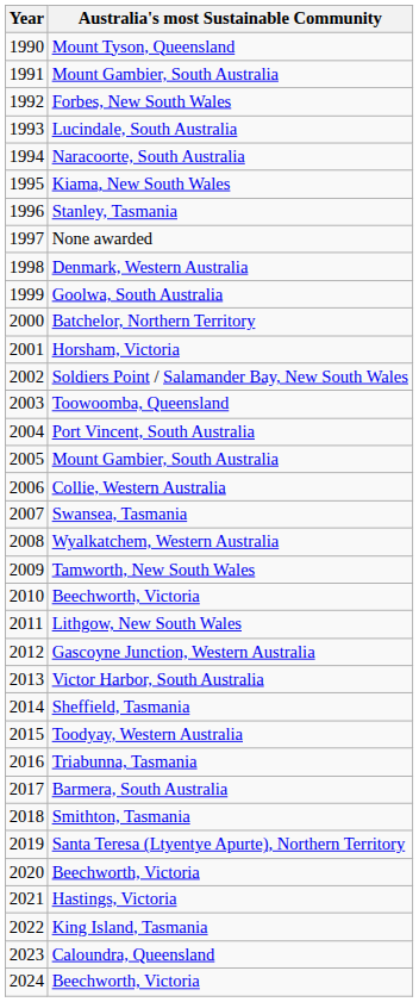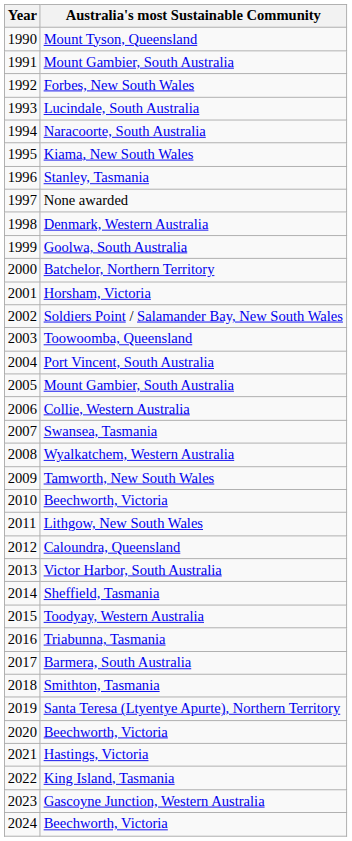 <table class="wikitable sortable">
 <tr>
 <th>Year</th>
 <th>Australia's most Sustainable Community</th>
 </tr>
 <tr>
 <td>1990</td>
 <td><a href='#'>Mount Tyson, Queensland</a></td>
 </tr>
 <tr>
 <td>1991</td>
 <td><a href='#'>Mount Gambier, South Australia</a></td>
 </tr>
 <tr>
 <td>1992</td>
 <td><a href='#'>Forbes, New South Wales</a></td>
 </tr>
 <tr>
 <td>1993</td>
 <td><a href='#'>Lucindale, South Australia</a></td>
 </tr>
 <tr>
 <td>1994</td>
 <td><a href='#'>Naracoorte, South Australia</a></td>
 </tr>
 <tr>
 <td>1995</td>
 <td><a href='#'>Kiama, New South Wales</a></td>
 </tr>
 <tr>
 <td>1996</td>
 <td><a href='#'>Stanley, Tasmania</a></td>
 </tr>
 <tr>
 <td>1997</td>
 <td>None awarded</td>
 </tr>
 <tr>
 <td>1998</td>
 <td><a href='#'>Denmark, Western Australia</a></td>
 </tr>
 <tr>
 <td>1999</td>
 <td><a href='#'>Goolwa, South Australia</a></td>
 </tr>
 <tr>
 <td>2000</td>
 <td><a href='#'>Batchelor, Northern Territory</a></td>
 </tr>
 <tr>
 <td>2001</td>
 <td><a href='#'>Horsham, Victoria</a></td>
 </tr>
 <tr>
 <td>2002</td>
 <td><a href='#'>Soldiers Point</a> / <a href='#'>Salamander Bay, New South Wales</a></td>
 </tr>
 <tr>
 <td>2003</td>
 <td><a href='#'>Toowoomba, Queensland</a></td>
 </tr>
 <tr>
 <td>2004</td>
 <td><a href='#'>Port Vincent, South Australia</a></td>
 </tr>
 <tr>
 <td>2005</td>
 <td><a href='#'>Mount Gambier, South Australia</a></td>
 </tr>
 <tr>
 <td>2006</td>
 <td><a href='#'>Collie, Western Australia</a></td>
 </tr>
 <tr>
 <td>2007</td>
 <td><a href='#'>Swansea, Tasmania</a></td>
 </tr>
 <tr>
 <td>2008</td>
 <td><a href='#'>Wyalkatchem, Western Australia</a></td>
 </tr>
 <tr>
 <td>2009</td>
 <td><a href='#'>Tamworth, New South Wales</a></td>
 </tr>
 <tr>
 <td>2010</td>
 <td><a href='#'>Beechworth, Victoria</a></td>
 </tr>
 <tr>
 <td>2011</td>
 <td><a href='#'>Lithgow, New South Wales</a></td>
 </tr>
 <tr>
 <td>2012</td>
-<td><a href='#'>Gascoyne Junction, Western Australia</a></td>
+<td><a href='#'>Caloundra, Queensland</a></td>
 </tr>
 <tr>
 <td>2013</td>
 <td><a href='#'>Victor Harbor, South Australia</a></td>
 </tr>
 <tr>
 <td>2014</td>
 <td><a href='#'>Sheffield, Tasmania</a></td>
 </tr>
 <tr>
 <td>2015</td>
 <td><a href='#'>Toodyay, Western Australia</a></td>
 </tr>
 <tr>
 <td>2016</td>
 <td><a href='#'>Triabunna, Tasmania</a></td>
 </tr>
 <tr>
 <td>2017</td>
 <td><a href='#'>Barmera, South Australia</a></td>
 </tr>
 <tr>
 <td>2018</td>
 <td><a href='#'>Smithton, Tasmania</a></td>
 </tr>
 <tr>
 <td>2019</td>
 <td><a href='#'>Santa Teresa (Ltyentye Apurte), Northern Territory</a></td>
 </tr>
 <tr>
 <td>2020</td>
 <td><a href='#'>Beechworth, Victoria</a></td>
 </tr>
 <tr>
 <td>2021</td>
 <td><a href='#'>Hastings, Victoria</a></td>
 </tr>
 <tr>
 <td>2022</td>
 <td><a href='#'>King Island, Tasmania</a></td>
 </tr>
 <tr>
 <td>2023</td>
-<td><a href='#'>Caloundra, Queensland</a></td>
+<td><a href='#'>Gascoyne Junction, Western Australia</a></td>
 </tr>
 <tr>
 <td>2024</td>
 <td><a href='#'>Beechworth, Victoria</a></td>
 </tr>
 </table>
